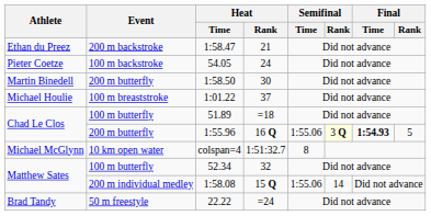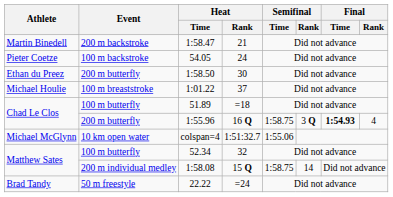 <table class=wikitable style="font-size:90%">
 <tr>
 <th rowspan="2">Athlete</th>
 <th rowspan="2">Event</th>
 <th colspan="2">Heat</th>
 <th colspan="2">Semifinal</th>
 <th colspan="2">Final</th>
 </tr>
 <tr style="font-size:95%">
 <th>Time</th>
 <th>Rank</th>
 <th>Time</th>
 <th>Rank</th>
 <th>Time</th>
 <th>Rank</th>
 </tr>
 <tr align=center>
-<td align=left><a href='#'>Ethan du Preez</a></td>
+<td align=left><a href='#'>Martin Binedell</a></td>
 <td align=left><a href='#'>200 m backstroke</a></td>
 <td>1:58.47</td>
 <td>21</td>
 <td colspan="4">Did not advance</td>
 </tr>
 <tr align=center>
 <td align=left><a href='#'>Pieter Coetze</a></td>
 <td align=left><a href='#'>100 m backstroke</a></td>
 <td>54.05</td>
 <td>24</td>
 <td colspan="4">Did not advance</td>
 </tr>
 <tr align=center>
-<td align=left><a href='#'>Martin Binedell</a></td>
+<td align=left><a href='#'>Ethan du Preez</a></td>
 <td align=left><a href='#'>200 m butterfly</a></td>
 <td>1:58.50</td>
 <td>30</td>
 <td colspan="4">Did not advance</td>
 </tr>
 <tr align=center>
 <td align=left><a href='#'>Michael Houlie</a></td>
 <td align=left><a href='#'>100 m breaststroke</a></td>
 <td>1:01.22</td>
 <td>37</td>
 <td colspan="4">Did not advance</td>
 </tr>
 <tr align=center>
 <td align=left rowspan=2><a href='#'>Chad Le Clos</a></td>
 <td align=left><a href='#'>100 m butterfly</a></td>
 <td>51.89</td>
 <td>=18</td>
 <td colspan="4">Did not advance</td>
 </tr>
 <tr align=center>
 <td align=left><a href='#'>200 m butterfly</a></td>
 <td>1:55.96</td>
 <td>16 <strong>Q</strong></td>
-<td>1:55.06</td>
-<td style="background: lightyellow;">3 <strong>Q</strong></td>
+<td>1:58.75</td>
+<td>3 <strong>Q</strong></td>
 <td><strong>1:54.93</strong></td>
-<td>5</td>
+<td>4</td>
 </tr>
 <tr align=center>
 <td align=left><a href='#'>Michael McGlynn</a></td>
 <td align=left><a href='#'>10 km open water</a></td>
 <td>colspan=4 </td>
 <td>1:51:32.7</td>
-<td>8</td>
+<td>1:55.06</td>
 </tr>
 <tr align=center>
 <td align=left rowspan=2><a href='#'>Matthew Sates</a></td>
 <td align=left><a href='#'>100 m butterfly</a></td>
 <td>52.34</td>
 <td>32</td>
 <td colspan="4">Did not advance</td>
 </tr>
 <tr align=center>
 <td align=left><a href='#'>200 m individual medley</a></td>
 <td>1:58.08</td>
 <td>15 <strong>Q</strong></td>
-<td>1:55.06</td>
+<td>1:58.75</td>
 <td>14</td>
 <td colspan="2">Did not advance</td>
 </tr>
 <tr align=center>
 <td align=left><a href='#'>Brad Tandy</a></td>
 <td align=left><a href='#'>50 m freestyle</a></td>
 <td>22.22</td>
 <td>=24</td>
 <td colspan="4">Did not advance</td>
 </tr>
 </table>
